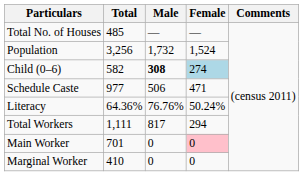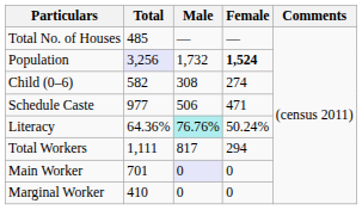 <table class="wikitable">
 <tr>
 <th>Particulars</th>
 <th>Total</th>
 <th>Male</th>
 <th>Female</th>
 <th>Comments</th>
 </tr>
 <tr>
 <td>Total No. of Houses</td>
 <td>485</td>
 <td>—</td>
 <td>—</td>
 <td rowspan=8>(census 2011)</td>
 </tr>
 <tr>
 <td>Population</td>
-<td>3,256</td>
+<td style="background: lavender;">3,256</td>
 <td>1,732</td>
-<td>1,524</td>
+<td><strong>1,524</strong></td>
 </tr>
 <tr>
 <td>Child (0–6)</td>
 <td>582</td>
-<td><strong>308</strong></td>
-<td style="background: lightblue;">274</td>
+<td>308</td>
+<td>274</td>
 </tr>
 <tr>
 <td>Schedule Caste</td>
 <td>977</td>
 <td>506</td>
 <td>471</td>
 </tr>
 <tr>
 <td>Literacy</td>
 <td>64.36%</td>
-<td>76.76%</td>
+<td style="background: paleturquoise;">76.76%</td>
 <td>50.24%</td>
 </tr>
 <tr>
 <td>Total Workers</td>
 <td>1,111</td>
 <td>817</td>
 <td>294</td>
 </tr>
 <tr>
 <td>Main Worker</td>
 <td>701</td>
+<td style="background: lavender;">0</td>
 <td>0</td>
-<td style="background: pink;">0</td>
 </tr>
 <tr>
 <td>Marginal Worker</td>
 <td>410</td>
 <td>0</td>
 <td>0</td>
 </tr>
 </table>
